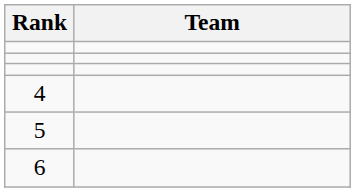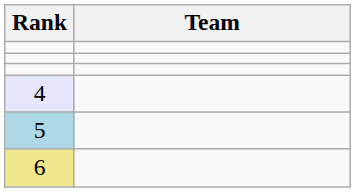 <table class="wikitable" style="text-align:center;">
 <tr>
 <th width=40>Rank</th>
 <th width=180>Team</th>
 </tr>
 <tr>
 <td></td>
 <td style="text-align:left;"></td>
 </tr>
 <tr>
 <td></td>
 <td style="text-align:left;"></td>
 </tr>
 <tr>
 <td></td>
 <td style="text-align:left;"></td>
 </tr>
 <tr>
-<td>4</td>
+<td style="background: lavender;">4</td>
 <td style="text-align:left;"></td>
 </tr>
 <tr>
-<td>5</td>
+<td style="background: lightblue;">5</td>
 <td style="text-align:left;"></td>
 </tr>
 <tr>
-<td>6</td>
+<td style="background: khaki;">6</td>
 <td style="text-align:left;"></td>
 </tr>
 </table>
